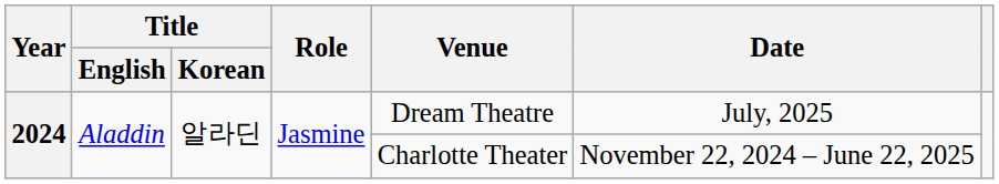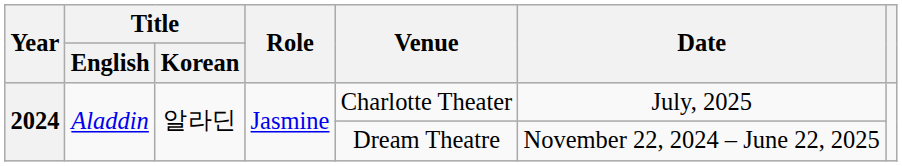 <table class="wikitable plainrowheaders sortable" style="text-align:center" font-size:100%;>
 <tr>
 <th scope="col" rowspan="2">Year</th>
 <th scope="col" colspan="2">Title</th>
 <th scope="col" rowspan="2">Role</th>
 <th scope="col" rowspan="2" class="unsortable">Venue</th>
 <th scope="col" rowspan="2">Date</th>
 <th rowspan="2" scope="col" class="unsortable"></th>
 </tr>
 <tr>
 <th>English</th>
 <th>Korean</th>
 </tr>
 <tr>
 <th scope="row" rowspan="2">2024</th>
 <td rowspan="2"><em><a href='#'>Aladdin</a></em></td>
 <td rowspan="2">알라딘</td>
 <td rowspan="2"><a href='#'>Jasmine</a></td>
-<td>Dream Theatre</td>
+<td>Charlotte Theater</td>
 <td>July, 2025</td>
 <td rowspan="2"></td>
 </tr>
 <tr>
-<td>Charlotte Theater</td>
+<td>Dream Theatre</td>
 <td>November 22, 2024 – June 22, 2025</td>
 </tr>
 </table>
